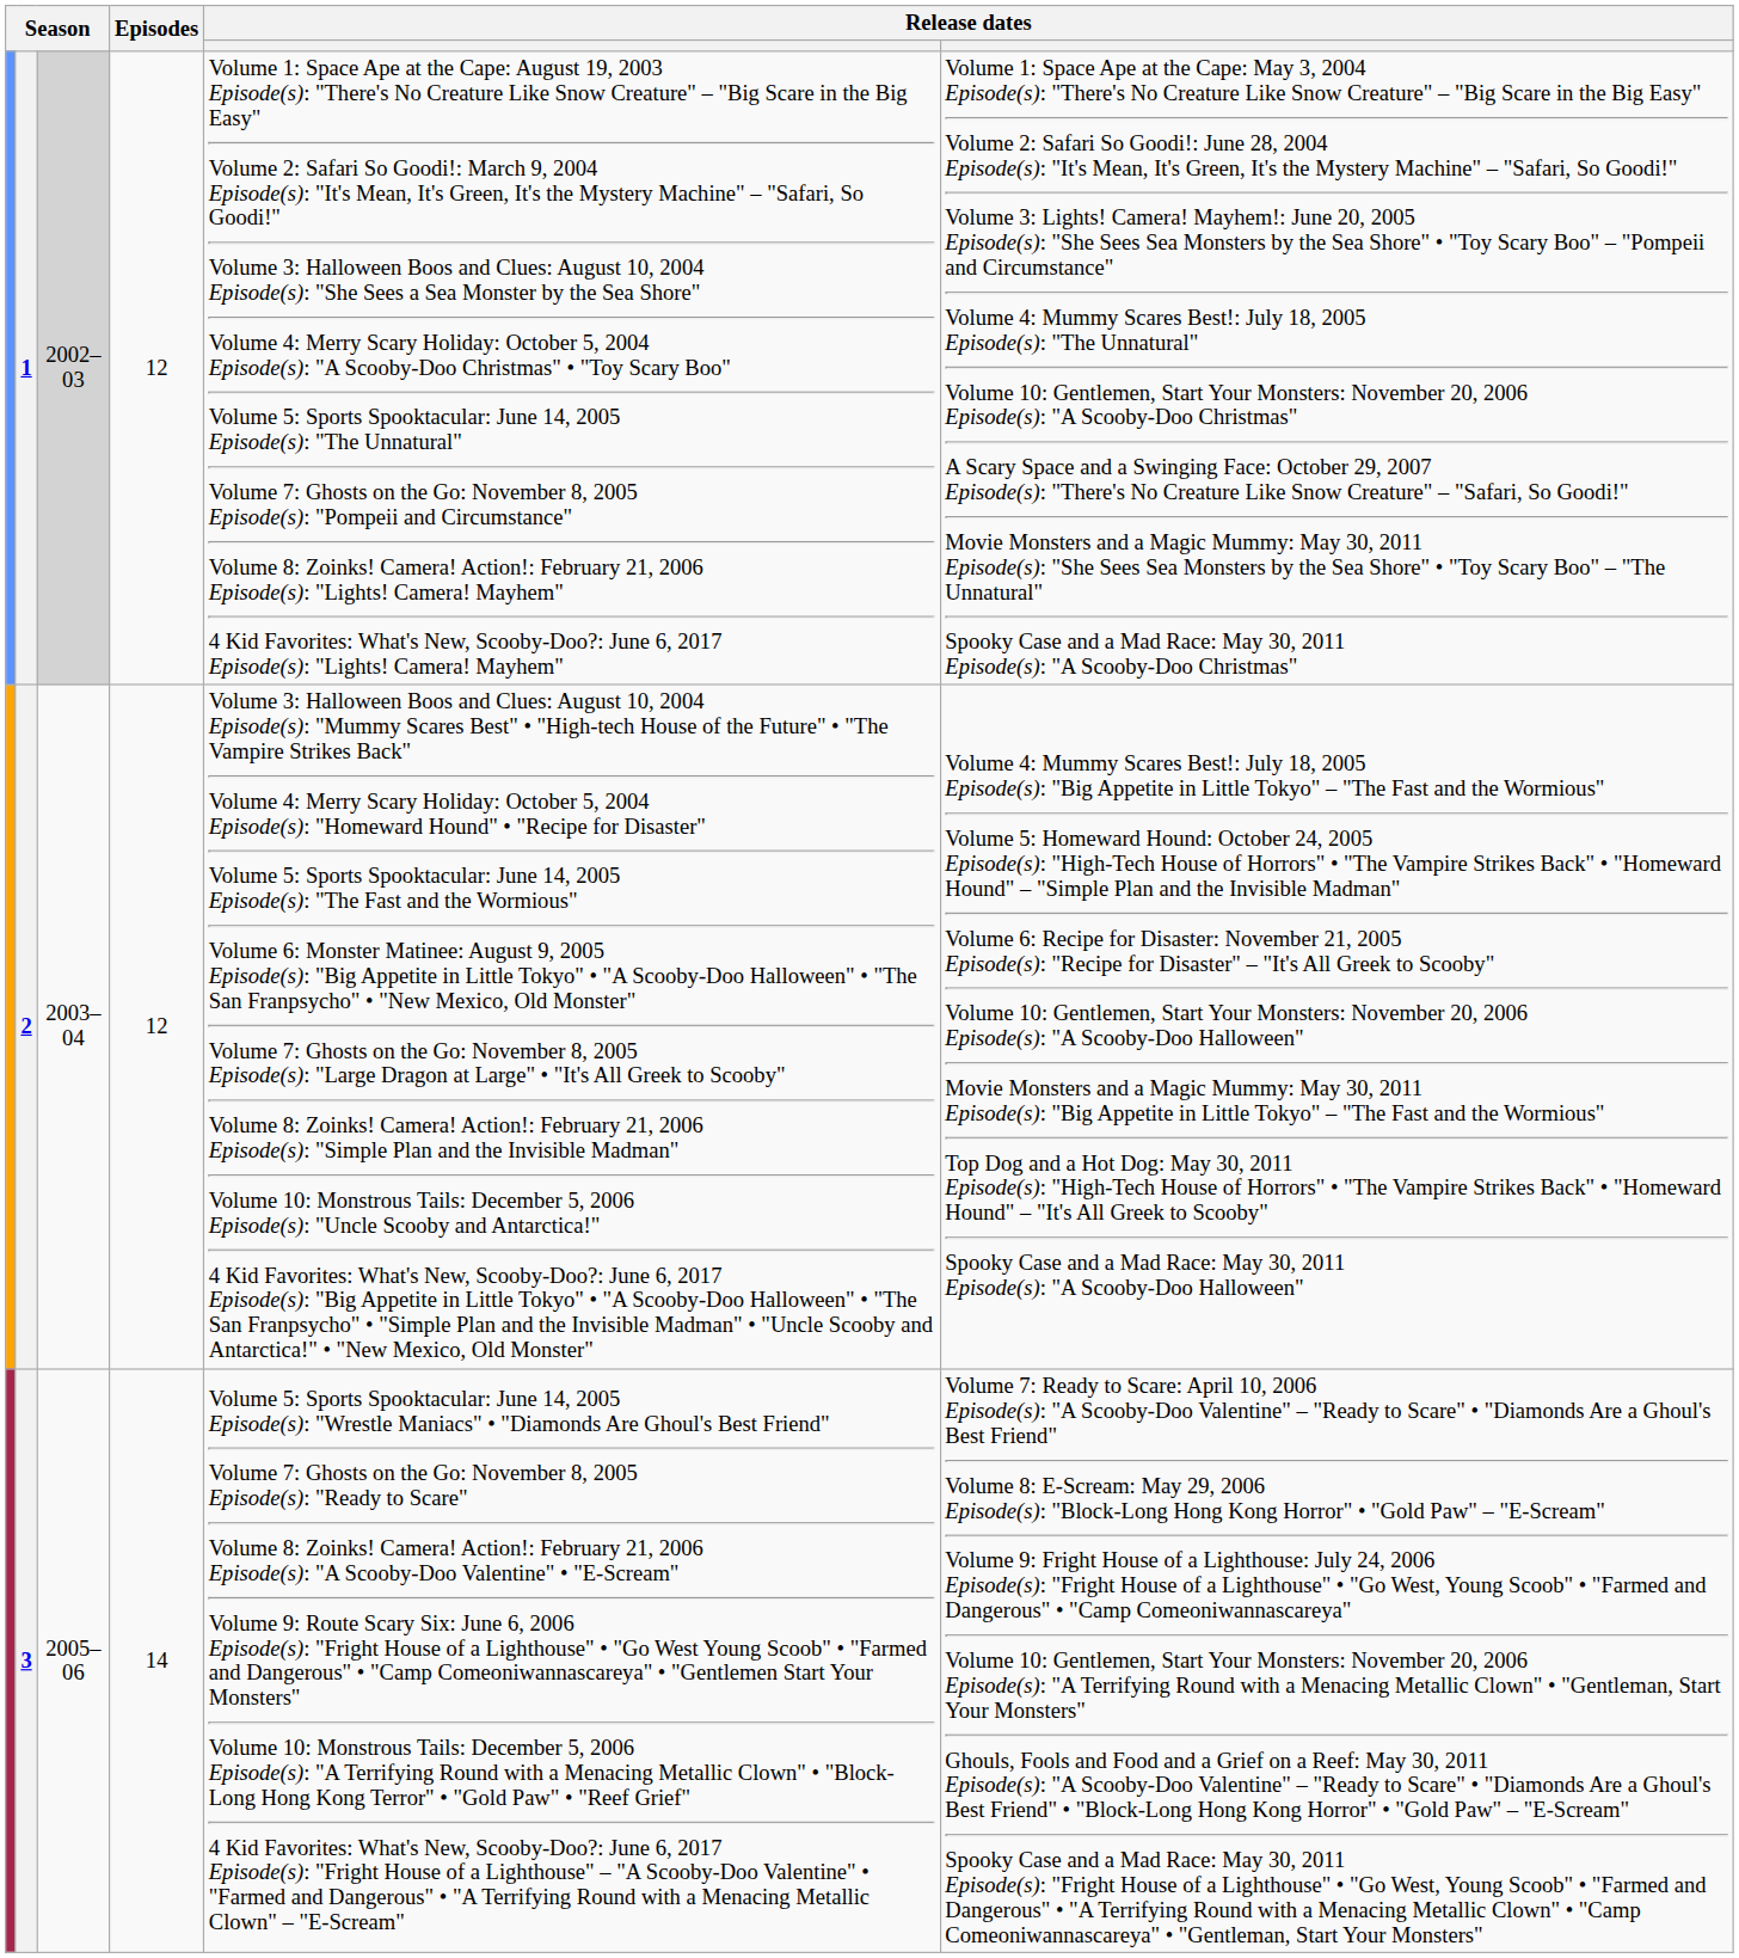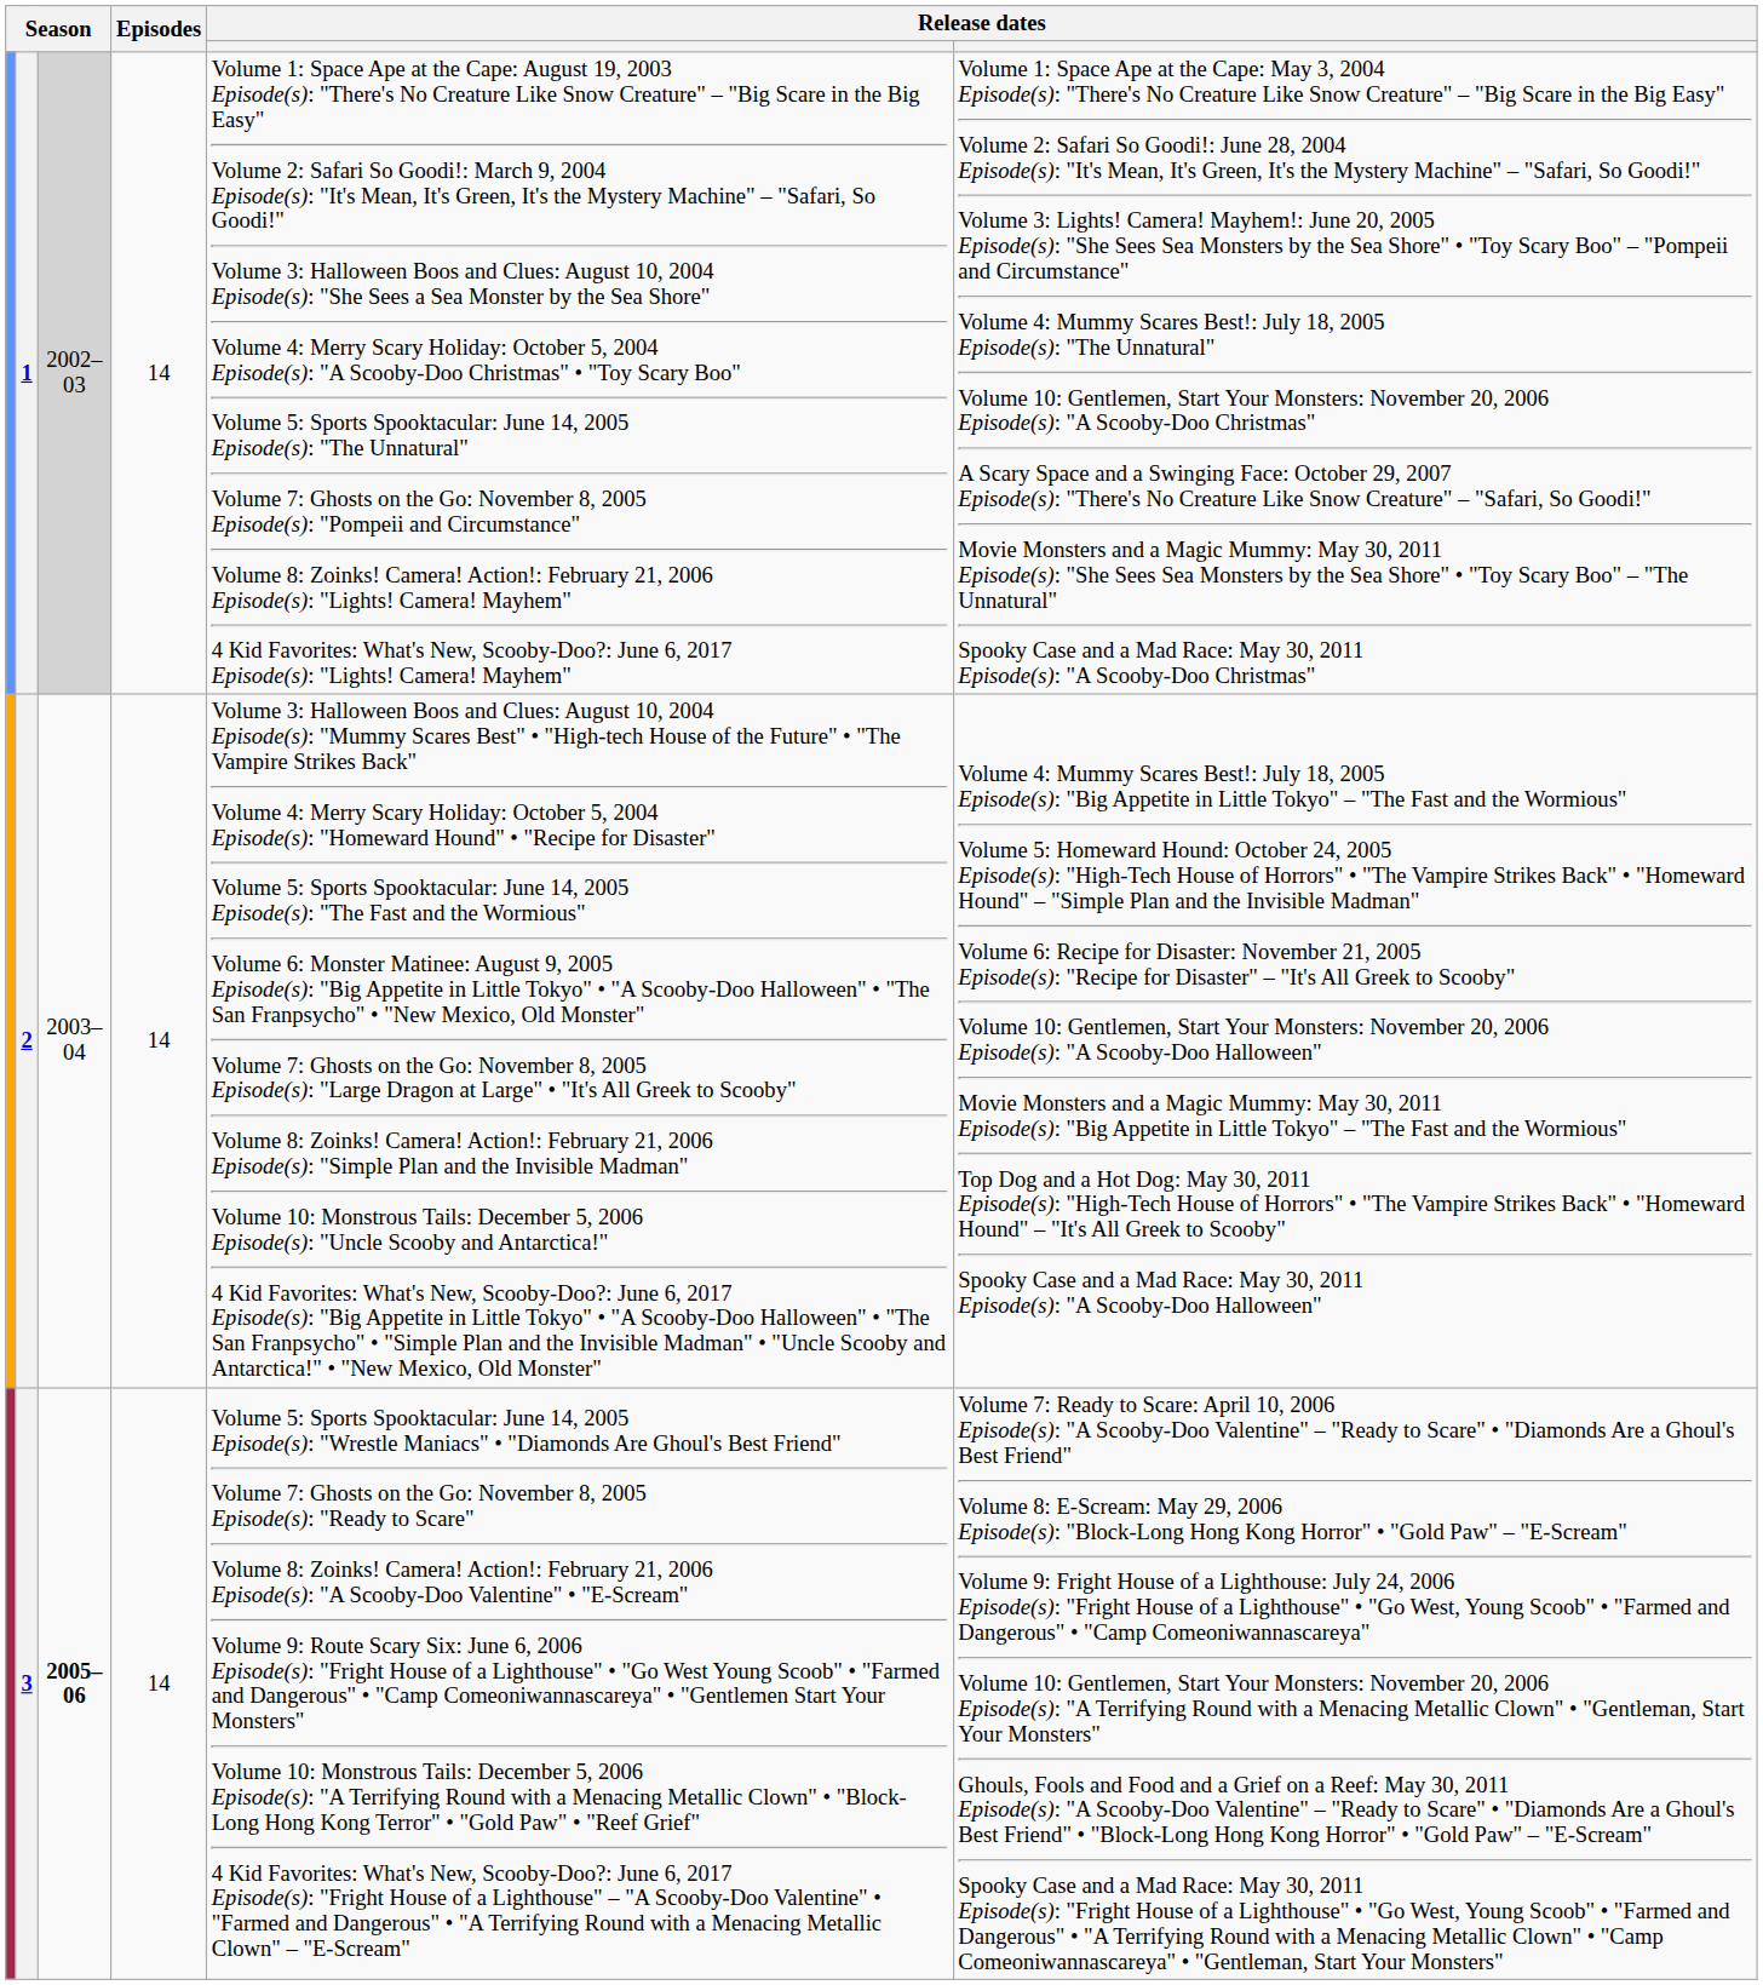 <table class="wikitable">
 <tr>
 <th colspan=3 rowspan=2>Season</th>
 <th rowspan=2>Episodes</th>
 <th colspan=2>Release dates</th>
 </tr>
 <tr>
 <th></th>
 <th></th>
 </tr>
 <tr>
 <th style="background:#5C93FF"></th>
 <th><a href='#'>1</a></th>
 <td style="background: lightgrey; text-align: center">2002–03</td>
-<td style="text-align: center">12</td>
+<td style="text-align: center">14</td>
 <td>Volume 1: Space Ape at the Cape: August 19, 2003<br><em>Episode(s)</em>: "There's No Creature Like Snow Creature" – "Big Scare in the Big Easy"<hr>Volume 2: Safari So Goodi!: March 9, 2004<br><em>Episode(s)</em>: "It's Mean, It's Green, It's the Mystery Machine" – "Safari, So Goodi!"<hr>Volume 3: Halloween Boos and Clues: August 10, 2004<br><em>Episode(s)</em>: "She Sees a Sea Monster by the Sea Shore"<hr>Volume 4: Merry Scary Holiday: October 5, 2004<br><em>Episode(s)</em>: "A Scooby-Doo Christmas" • "Toy Scary Boo"<hr>Volume 5: Sports Spooktacular: June 14, 2005<br><em>Episode(s)</em>: "The Unnatural"<hr>Volume 7: Ghosts on the Go: November 8, 2005<br><em>Episode(s)</em>: "Pompeii and Circumstance"<hr>Volume 8: Zoinks! Camera! Action!: February 21, 2006<br><em>Episode(s)</em>: "Lights! Camera! Mayhem"<hr>4 Kid Favorites: What's New, Scooby-Doo?: June 6, 2017<br><em>Episode(s)</em>: "Lights! Camera! Mayhem"</td>
 <td>Volume 1: Space Ape at the Cape: May 3, 2004<br><em>Episode(s)</em>: "There's No Creature Like Snow Creature" – "Big Scare in the Big Easy"<hr>Volume 2: Safari So Goodi!: June 28, 2004<br><em>Episode(s)</em>: "It's Mean, It's Green, It's the Mystery Machine" – "Safari, So Goodi!"<hr>Volume 3: Lights! Camera! Mayhem!: June 20, 2005<br><em>Episode(s)</em>: "She Sees Sea Monsters by the Sea Shore" • "Toy Scary Boo" – "Pompeii and Circumstance"<hr>Volume 4: Mummy Scares Best!: July 18, 2005<br><em>Episode(s)</em>: "The Unnatural"<hr>Volume 10: Gentlemen, Start Your Monsters: November 20, 2006<br><em>Episode(s)</em>: "A Scooby-Doo Christmas"<hr>A Scary Space and a Swinging Face: October 29, 2007<br><em>Episode(s)</em>: "There's No Creature Like Snow Creature" – "Safari, So Goodi!"<hr>Movie Monsters and a Magic Mummy: May 30, 2011<br><em>Episode(s)</em>: "She Sees Sea Monsters by the Sea Shore" • "Toy Scary Boo" – "The Unnatural"<hr>Spooky Case and a Mad Race: May 30, 2011<br><em>Episode(s)</em>: "A Scooby-Doo Christmas"</td>
 </tr>
 <tr>
 <th style="background:#FFA500"></th>
 <th><a href='#'>2</a></th>
 <td style="text-align: center">2003–04</td>
-<td style="text-align: center">12</td>
+<td style="text-align: center">14</td>
 <td>Volume 3: Halloween Boos and Clues: August 10, 2004<br><em>Episode(s)</em>: "Mummy Scares Best" • "High-tech House of the Future" • "The Vampire Strikes Back"<hr>Volume 4: Merry Scary Holiday: October 5, 2004<br><em>Episode(s)</em>: "Homeward Hound" • "Recipe for Disaster"<hr>Volume 5: Sports Spooktacular: June 14, 2005<br><em>Episode(s)</em>: "The Fast and the Wormious"<hr>Volume 6: Monster Matinee: August 9, 2005<br><em>Episode(s)</em>: "Big Appetite in Little Tokyo" • "A Scooby-Doo Halloween" • "The San Franpsycho" • "New Mexico, Old Monster"<hr>Volume 7: Ghosts on the Go: November 8, 2005<br><em>Episode(s)</em>: "Large Dragon at Large" • "It's All Greek to Scooby"<hr>Volume 8: Zoinks! Camera! Action!: February 21, 2006<br><em>Episode(s)</em>: "Simple Plan and the Invisible Madman"<hr>Volume 10: Monstrous Tails: December 5, 2006<br><em>Episode(s)</em>: "Uncle Scooby and Antarctica!"<hr>4 Kid Favorites: What's New, Scooby-Doo?: June 6, 2017<br><em>Episode(s)</em>: "Big Appetite in Little Tokyo" • "A Scooby-Doo Halloween" • "The San Franpsycho" • "Simple Plan and the Invisible Madman" • "Uncle Scooby and Antarctica!" • "New Mexico, Old Monster"</td>
 <td>Volume 4: Mummy Scares Best!: July 18, 2005<br><em>Episode(s)</em>: "Big Appetite in Little Tokyo" – "The Fast and the Wormious"<hr>Volume 5: Homeward Hound: October 24, 2005<br><em>Episode(s)</em>: "High-Tech House of Horrors" • "The Vampire Strikes Back" • "Homeward Hound" – "Simple Plan and the Invisible Madman"<hr>Volume 6: Recipe for Disaster: November 21, 2005<br><em>Episode(s)</em>: "Recipe for Disaster" – "It's All Greek to Scooby"<hr>Volume 10: Gentlemen, Start Your Monsters: November 20, 2006<br><em>Episode(s)</em>: "A Scooby-Doo Halloween"<hr>Movie Monsters and a Magic Mummy: May 30, 2011<br><em>Episode(s)</em>: "Big Appetite in Little Tokyo" – "The Fast and the Wormious"<hr>Top Dog and a Hot Dog: May 30, 2011<br><em>Episode(s)</em>: "High-Tech House of Horrors" • "The Vampire Strikes Back" • "Homeward Hound" – "It's All Greek to Scooby"<hr>Spooky Case and a Mad Race: May 30, 2011<br><em>Episode(s)</em>: "A Scooby-Doo Halloween"</td>
 </tr>
 <tr>
 <th style="background:#A4264C"></th>
 <th><a href='#'>3</a></th>
-<td style="text-align: center">2005–06</td>
+<td style="text-align: center"><strong>2005–06</strong></td>
 <td style="text-align: center">14</td>
 <td>Volume 5: Sports Spooktacular: June 14, 2005<br><em>Episode(s)</em>: "Wrestle Maniacs" • "Diamonds Are Ghoul's Best Friend"<hr>Volume 7: Ghosts on the Go: November 8, 2005<br><em>Episode(s)</em>: "Ready to Scare"<hr>Volume 8: Zoinks! Camera! Action!: February 21, 2006<br><em>Episode(s)</em>: "A Scooby-Doo Valentine" • "E-Scream"<hr>Volume 9: Route Scary Six: June 6, 2006<br><em>Episode(s)</em>: "Fright House of a Lighthouse" • "Go West Young Scoob" • "Farmed and Dangerous" • "Camp Comeoniwannascareya" • "Gentlemen Start Your Monsters"<hr>Volume 10: Monstrous Tails: December 5, 2006<br><em>Episode(s)</em>: "A Terrifying Round with a Menacing Metallic Clown" • "Block-Long Hong Kong Terror" • "Gold Paw" • "Reef Grief"<hr>4 Kid Favorites: What's New, Scooby-Doo?: June 6, 2017<br><em>Episode(s)</em>: "Fright House of a Lighthouse" – "A Scooby-Doo Valentine" • "Farmed and Dangerous" • "A Terrifying Round with a Menacing Metallic Clown" – "E-Scream"</td>
 <td>Volume 7: Ready to Scare: April 10, 2006<br><em>Episode(s)</em>: "A Scooby-Doo Valentine" – "Ready to Scare" • "Diamonds Are a Ghoul's Best Friend"<hr>Volume 8: E-Scream: May 29, 2006<br><em>Episode(s)</em>: "Block-Long Hong Kong Horror" • "Gold Paw" – "E-Scream"<hr>Volume 9: Fright House of a Lighthouse: July 24, 2006<br><em>Episode(s)</em>: "Fright House of a Lighthouse" • "Go West, Young Scoob" • "Farmed and Dangerous" • "Camp Comeoniwannascareya"<hr>Volume 10: Gentlemen, Start Your Monsters: November 20, 2006<br><em>Episode(s)</em>: "A Terrifying Round with a Menacing Metallic Clown" • "Gentleman, Start Your Monsters"<hr>Ghouls, Fools and Food and a Grief on a Reef: May 30, 2011<br><em>Episode(s)</em>: "A Scooby-Doo Valentine" – "Ready to Scare" • "Diamonds Are a Ghoul's Best Friend" • "Block-Long Hong Kong Horror" • "Gold Paw" – "E-Scream"<hr>Spooky Case and a Mad Race: May 30, 2011<br><em>Episode(s)</em>: "Fright House of a Lighthouse" • "Go West, Young Scoob" • "Farmed and Dangerous" • "A Terrifying Round with a Menacing Metallic Clown" • "Camp Comeoniwannascareya" • "Gentleman, Start Your Monsters"</td>
 </tr>
 </table>
